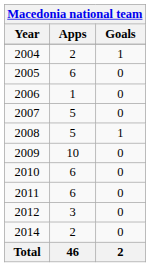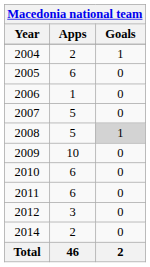 <table class="wikitable" style="text-align:center">
 <tr>
 <th colspan=3><a href='#'>Macedonia national team</a></th>
 </tr>
 <tr>
 <th>Year</th>
 <th>Apps</th>
 <th>Goals</th>
 </tr>
 <tr>
 </tr>
 <tr>
 <td>2004</td>
 <td>2</td>
 <td>1</td>
 </tr>
 <tr>
 <td>2005</td>
 <td>6</td>
 <td>0</td>
 </tr>
 <tr>
 <td>2006</td>
 <td>1</td>
 <td>0</td>
 </tr>
 <tr>
 <td>2007</td>
 <td>5</td>
 <td>0</td>
 </tr>
 <tr>
 <td>2008</td>
 <td>5</td>
-<td>1</td>
+<td style="background: lightgrey;">1</td>
 </tr>
 <tr>
 <td>2009</td>
 <td>10</td>
 <td>0</td>
 </tr>
 <tr>
 <td>2010</td>
 <td>6</td>
 <td>0</td>
 </tr>
 <tr>
 <td>2011</td>
 <td>6</td>
 <td>0</td>
 </tr>
 <tr>
 <td>2012</td>
 <td>3</td>
 <td>0</td>
 </tr>
 <tr>
 <td>2014</td>
 <td>2</td>
 <td>0</td>
 </tr>
 <tr>
 <th>Total</th>
 <th>46</th>
 <th>2</th>
 </tr>
 </table>
